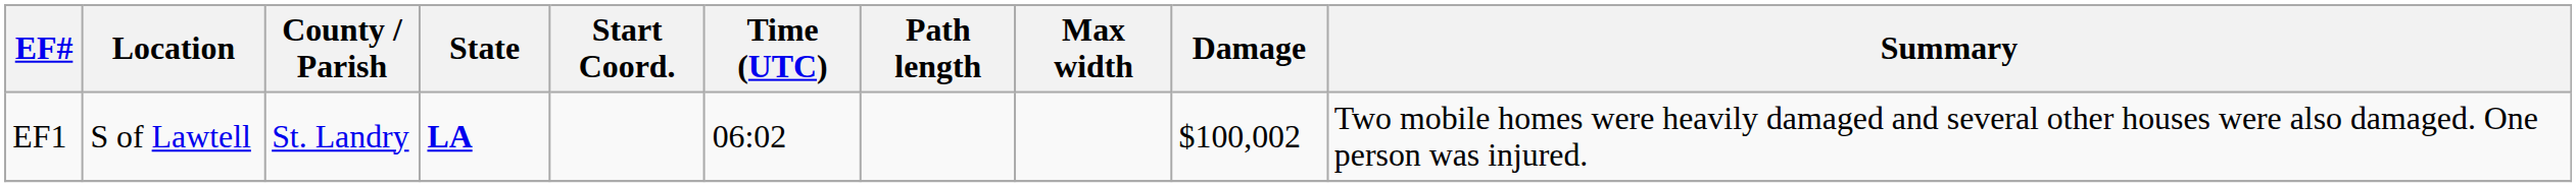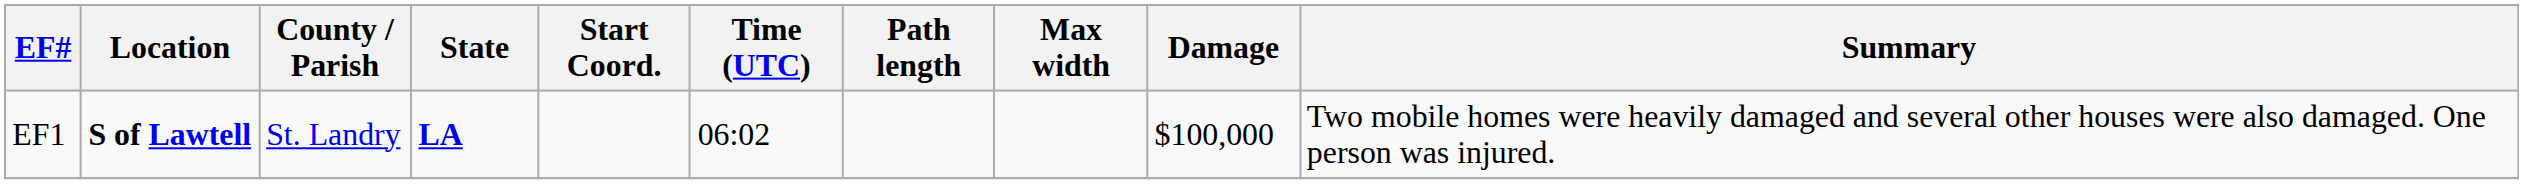 <table class="wikitable sortable" style="width:100%;">
 <tr>
 <th scope="col" width="3%" align="center"><a href='#'>EF#</a></th>
 <th scope="col" width="7%" align="center" class="unsortable">Location</th>
 <th scope="col" width="6%" align="center" class="unsortable">County / Parish</th>
 <th scope="col" width="5%" align="center">State</th>
 <th scope="col" width="6%" align="center">Start Coord.</th>
 <th scope="col" width="6%" align="center">Time (<a href='#'>UTC</a>)</th>
 <th scope="col" width="6%" align="center">Path length</th>
 <th scope="col" width="6%" align="center">Max width</th>
 <th scope="col" width="6%" align="center">Damage</th>
 <th scope="col" width="48%" class="unsortable" align="center">Summary</th>
 </tr>
 <tr>
 <td>EF1</td>
-<td>S of <a href='#'>Lawtell</a></td>
+<td><strong>S of <a href='#'>Lawtell</a></strong></td>
 <td><a href='#'>St. Landry</a></td>
 <td><strong><a href='#'>LA</a></strong></td>
 <td></td>
 <td>06:02</td>
 <td></td>
 <td></td>
-<td>$100,002</td>
+<td>$100,000</td>
 <td>Two mobile homes were heavily damaged and several other houses were also damaged. One person was injured.</td>
 </tr>
 <tr>
 </tr>
 </table>
